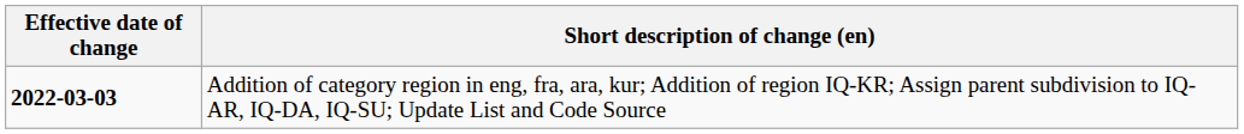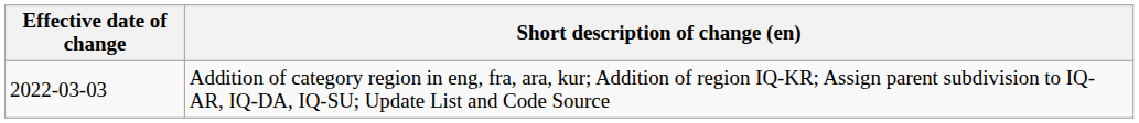 <table class="wikitable">
 <tr>
 <th>Effective date of change</th>
 <th>Short description of change (en)</th>
 </tr>
 <tr>
-<td><strong>2022-03-03</strong></td>
+<td>2022-03-03</td>
 <td>Addition of category region in eng, fra, ara, kur; Addition of region IQ-KR; Assign parent subdivision to IQ-AR, IQ-DA, IQ-SU; Update List and Code Source</td>
 </tr>
 </table>
